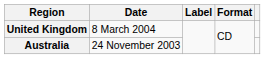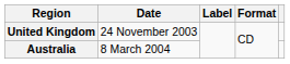 <table class="wikitable plainrowheaders">
 <tr>
 <th scope="col">Region</th>
 <th scope="col">Date</th>
 <th scope="col">Label</th>
 <th scope="col">Format</th>
 <th scope="col"></th>
 </tr>
 <tr>
 <th scope="row">United Kingdom</th>
-<td>8 March 2004</td>
+<td>24 November 2003</td>
 <td rowspan="2"></td>
 <td rowspan="2">CD</td>
 <td style="text-align:center;"></td>
 </tr>
 <tr>
 <th scope="row">Australia</th>
-<td>24 November 2003</td>
+<td>8 March 2004</td>
 <td style="text-align:center;"></td>
 </tr>
 </table>
